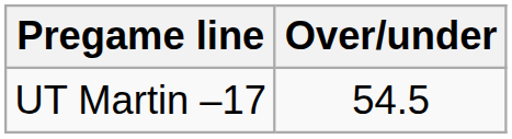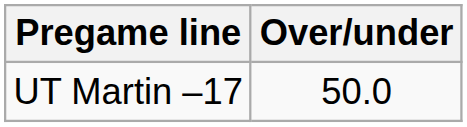 <table class="wikitable">
 <tr align="center">
 <th>Pregame line</th>
 <th>Over/under</th>
 </tr>
 <tr align="center">
 <td>UT Martin –17</td>
-<td>54.5</td>
+<td>50.0</td>
 </tr>
 </table>
